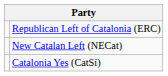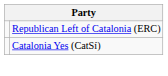 <table class="wikitable" style="text-align:left; font-size:97%;">
 <tr>
 <th colspan="2">Party</th>
 </tr>
 <tr>
 <td width="1"></td>
 <td><a href='#'>Republican Left of Catalonia</a> (ERC)</td>
 </tr>
 <tr>
 <td></td>
-<td><a href='#'>New Catalan Left</a> (NECat)</td>
-</tr>
-<tr>
-<td></td>
 <td><a href='#'>Catalonia Yes</a> (CatSí)</td>
 </tr>
 </table>
